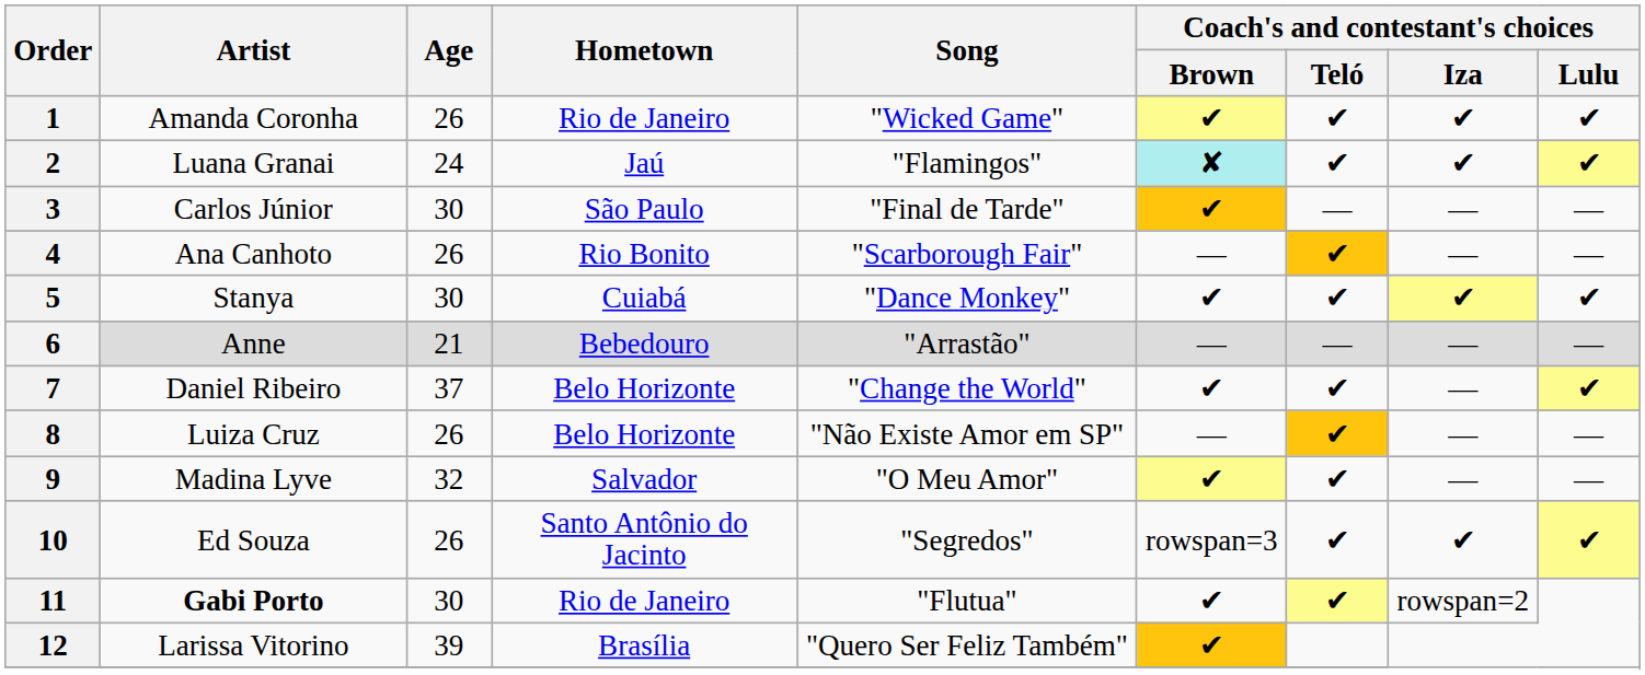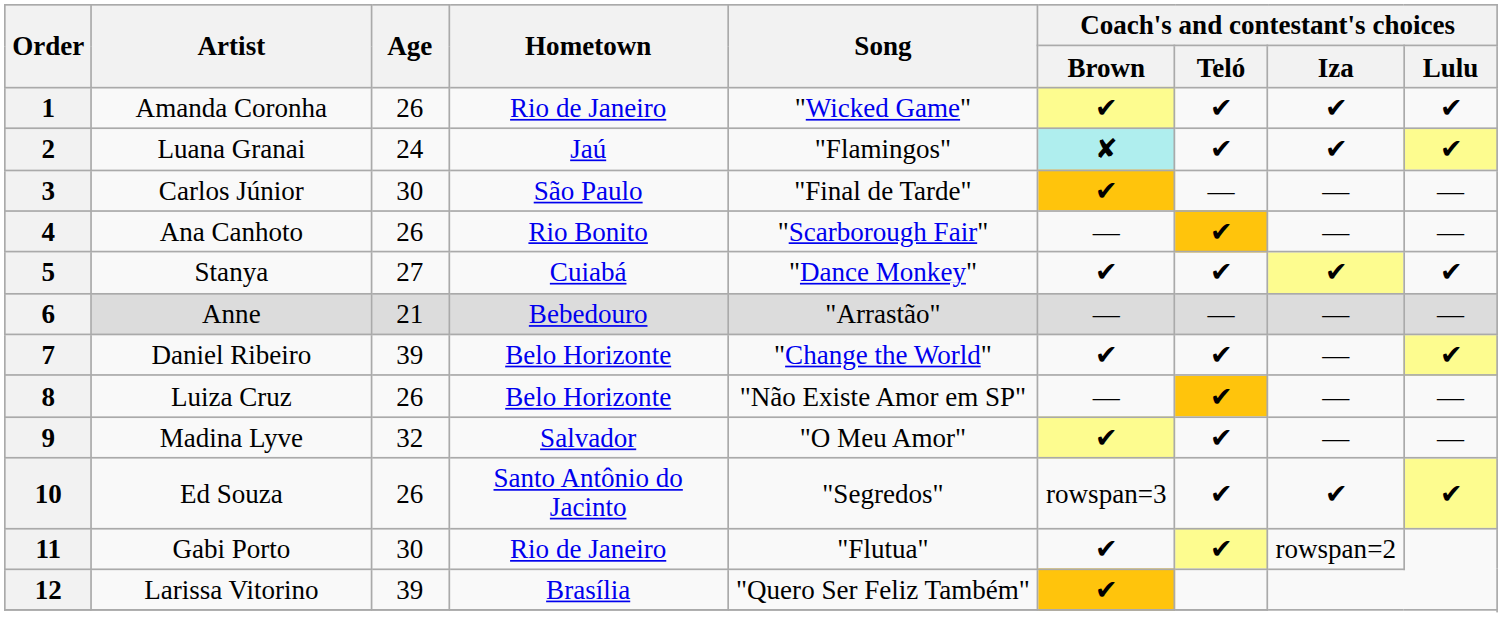 <table class="wikitable" style="text-align:center; line-height:17px; width:100%;">
 <tr>
 <th scope="col" rowspan=2 width="04%">Order</th>
 <th scope="col" rowspan=2 width="18%">Artist</th>
 <th scope="col" rowspan=2 width="05%">Age</th>
 <th scope="col" rowspan=2 width="18%">Hometown</th>
 <th scope="col" rowspan=2 width="20%">Song</th>
 <th scope="col" colspan=4 width="24%">Coach's and contestant's choices</th>
 </tr>
 <tr>
 <th width="6%">Brown</th>
 <th width="6%">Teló</th>
 <th width="6%">Iza</th>
 <th width="6%">Lulu</th>
 </tr>
 <tr>
 <th>1</th>
 <td>Amanda Coronha</td>
 <td>26</td>
 <td><a href='#'>Rio de Janeiro</a></td>
 <td>"<a href='#'>Wicked Game</a>"</td>
 <td bgcolor=FDFC8F>✔</td>
 <td>✔</td>
 <td>✔</td>
 <td>✔</td>
 </tr>
 <tr>
 <th>2</th>
 <td>Luana Granai</td>
 <td>24</td>
 <td><a href='#'>Jaú</a></td>
 <td>"Flamingos"</td>
 <td bgcolor=afeeee>✘</td>
 <td>✔</td>
 <td>✔</td>
 <td bgcolor=FDFC8F>✔</td>
 </tr>
 <tr>
 <th>3</th>
 <td>Carlos Júnior</td>
 <td>30</td>
 <td><a href='#'>São Paulo</a></td>
 <td>"Final de Tarde"</td>
 <td bgcolor=FFC40C>✔</td>
 <td>—</td>
 <td>—</td>
 <td>—</td>
 </tr>
 <tr>
 <th>4</th>
 <td>Ana Canhoto</td>
 <td>26</td>
 <td><a href='#'>Rio Bonito</a></td>
 <td>"<a href='#'>Scarborough Fair</a>"</td>
 <td>—</td>
 <td bgcolor=FFC40C>✔</td>
 <td>—</td>
 <td>—</td>
 </tr>
 <tr>
 <th>5</th>
 <td>Stanya</td>
-<td>30</td>
+<td>27</td>
 <td><a href='#'>Cuiabá</a></td>
 <td>"<a href='#'>Dance Monkey</a>"</td>
 <td>✔</td>
 <td>✔</td>
 <td bgcolor=FDFC8F>✔</td>
 <td>✔</td>
 </tr>
 <tr bgcolor=DCDCDC>
 <th>6</th>
 <td>Anne</td>
 <td>21</td>
 <td><a href='#'>Bebedouro</a></td>
 <td>"Arrastão"</td>
 <td>—</td>
 <td>—</td>
 <td>—</td>
 <td>—</td>
 </tr>
 <tr>
 <th>7</th>
 <td>Daniel Ribeiro</td>
-<td>37</td>
+<td>39</td>
 <td><a href='#'>Belo Horizonte</a></td>
 <td>"<a href='#'>Change the World</a>"</td>
 <td>✔</td>
 <td>✔</td>
 <td>—</td>
 <td bgcolor=FDFC8F>✔</td>
 </tr>
 <tr>
 <th>8</th>
 <td>Luiza Cruz</td>
 <td>26</td>
 <td><a href='#'>Belo Horizonte</a></td>
 <td>"Não Existe Amor em SP"</td>
 <td>—</td>
 <td bgcolor=FFC40C>✔</td>
 <td>—</td>
 <td>—</td>
 </tr>
 <tr>
 <th>9</th>
 <td>Madina Lyve</td>
 <td>32</td>
 <td><a href='#'>Salvador</a></td>
 <td>"O Meu Amor"</td>
 <td bgcolor=FDFC8F>✔</td>
 <td>✔</td>
 <td>—</td>
 <td>—</td>
 </tr>
 <tr>
 <th>10</th>
 <td>Ed Souza</td>
 <td>26</td>
 <td><a href='#'>Santo Antônio do Jacinto</a></td>
 <td>"Segredos"</td>
 <td>rowspan=3 </td>
 <td>✔</td>
 <td>✔</td>
 <td bgcolor=FDFC8F>✔</td>
 </tr>
 <tr>
 <th>11</th>
-<td><strong>Gabi Porto</strong></td>
+<td>Gabi Porto</td>
 <td>30</td>
 <td><a href='#'>Rio de Janeiro</a></td>
 <td>"Flutua"</td>
 <td>✔</td>
 <td bgcolor=FDFC8F>✔</td>
 <td>rowspan=2 </td>
 </tr>
 <tr>
 <th>12</th>
 <td>Larissa Vitorino</td>
 <td>39</td>
 <td><a href='#'>Brasília</a></td>
 <td>"Quero Ser Feliz Também"</td>
 <td bgcolor=FFC40C>✔</td>
 <td></td>
 </tr>
 <tr>
 </tr>
 </table>
